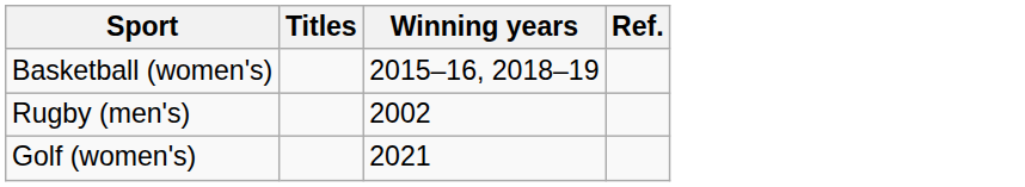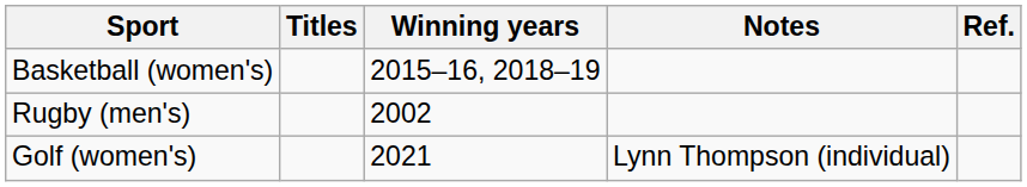 <table class="wikitable">
 <tr>
 <th>Sport</th>
 <th>Titles</th>
 <th>Winning years</th>
+<th>Notes</th>
 <th>Ref.</th>
 </tr>
 <tr>
 <td>Basketball (women's)</td>
 <td></td>
 <td>2015–16, 2018–19</td>
 <td></td>
+<td></td>
 </tr>
 <tr>
 <td>Rugby (men's)</td>
 <td></td>
 <td>2002</td>
 <td></td>
+<td></td>
 </tr>
 <tr>
 <td>Golf (women's)</td>
 <td></td>
 <td>2021</td>
+<td>Lynn Thompson (individual)</td>
 <td></td>
 </tr>
 </table>
